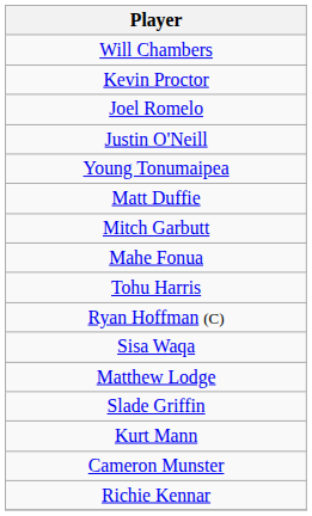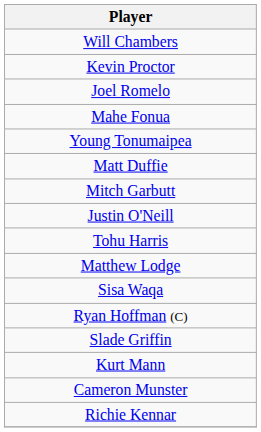 <table class="wikitable" style="text-align: center;">
 <tr>
 <th style="width:250px;">Player</th>
 </tr>
 <tr>
 <td><a href='#'>Will Chambers</a></td>
 </tr>
 <tr>
 <td><a href='#'>Kevin Proctor</a></td>
 </tr>
 <tr>
 <td><a href='#'>Joel Romelo</a></td>
 </tr>
 <tr>
-<td><a href='#'>Justin O'Neill</a></td>
+<td><a href='#'>Mahe Fonua</a></td>
 </tr>
 <tr>
 <td><a href='#'>Young Tonumaipea</a></td>
 </tr>
 <tr>
 <td><a href='#'>Matt Duffie</a></td>
 </tr>
 <tr>
 <td><a href='#'>Mitch Garbutt</a></td>
 </tr>
 <tr>
-<td><a href='#'>Mahe Fonua</a></td>
+<td><a href='#'>Justin O'Neill</a></td>
 </tr>
 <tr>
 <td><a href='#'>Tohu Harris</a></td>
 </tr>
 <tr>
-<td><a href='#'>Ryan Hoffman</a> <small>(C)</small></td>
+<td><a href='#'>Matthew Lodge</a></td>
 </tr>
 <tr>
 <td><a href='#'>Sisa Waqa</a></td>
 </tr>
 <tr>
-<td><a href='#'>Matthew Lodge</a></td>
+<td><a href='#'>Ryan Hoffman</a> <small>(C)</small></td>
 </tr>
 <tr>
 <td><a href='#'>Slade Griffin</a></td>
 </tr>
 <tr>
 <td><a href='#'>Kurt Mann</a></td>
 </tr>
 <tr>
 <td><a href='#'>Cameron Munster</a></td>
 </tr>
 <tr>
 <td><a href='#'>Richie Kennar</a></td>
 </tr>
 <tr>
 </tr>
 </table>
